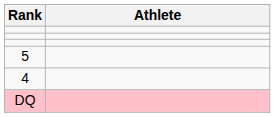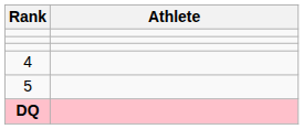 <table class=wikitable style="text-align:center">
 <tr>
 <th width=40>Rank</th>
 <th width=250>Athlete</th>
 </tr>
 <tr>
 <td></td>
 <td align=left></td>
 </tr>
 <tr>
 <td></td>
 <td align=left></td>
 </tr>
 <tr>
 <td></td>
 <td align=left></td>
 </tr>
 <tr>
+<td>4</td>
+<td align=left></td>
+</tr>
+<tr>
 <td>5</td>
 <td align=left></td>
 </tr>
-<tr>
-<td>4</td>
-<td align=left></td>
-</tr>
 <tr bgcolor=pink>
-<td>DQ</td>
+<td><strong>DQ</strong></td>
 <td align=left></td>
 </tr>
 </table>
